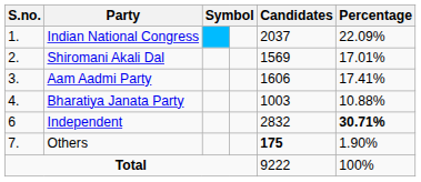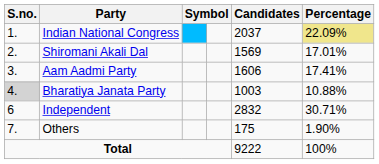 <table class="wikitable sortable">
 <tr>
 <th><strong>S.no.</strong></th>
 <th><strong>Party</strong></th>
 <th colspan="2"><strong>Symbol</strong></th>
 <th><strong>Candidates</strong></th>
 <th><strong>Percentage</strong></th>
 </tr>
 <tr>
 <td>1.</td>
 <td><a href='#'>Indian National Congress</a></td>
 <td bgcolor=#00BBFF></td>
 <td></td>
 <td>2037</td>
-<td>22.09%</td>
+<td style="background: khaki;">22.09%</td>
 </tr>
 <tr>
 <td>2.</td>
 <td><a href='#'>Shiromani Akali Dal</a></td>
 <td></td>
 <td></td>
 <td>1569</td>
 <td>17.01%</td>
 </tr>
 <tr>
 <td>3.</td>
 <td><a href='#'>Aam Aadmi Party</a></td>
 <td></td>
 <td></td>
 <td>1606</td>
 <td>17.41%</td>
 </tr>
 <tr>
-<td>4.</td>
+<td style="background: lightgrey;">4.</td>
 <td><a href='#'>Bharatiya Janata Party</a></td>
 <td></td>
 <td></td>
 <td>1003</td>
 <td>10.88%</td>
 </tr>
 <tr>
 <td>6</td>
 <td><a href='#'>Independent</a></td>
 <td></td>
 <td></td>
 <td>2832</td>
-<td><strong>30.71%</strong></td>
+<td>30.71%</td>
 </tr>
 <tr>
 <td>7.</td>
 <td>Others</td>
 <td></td>
 <td></td>
-<td><strong>175</strong></td>
+<td>175</td>
 <td>1.90%</td>
 </tr>
 <tr>
 <td colspan="4" align="center"><strong>Total</strong></td>
 <td>9222</td>
 <td>100%</td>
 </tr>
 </table>
